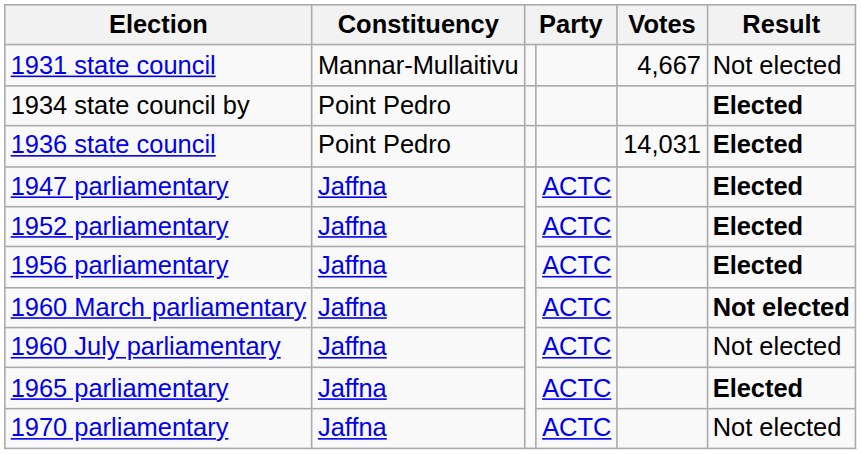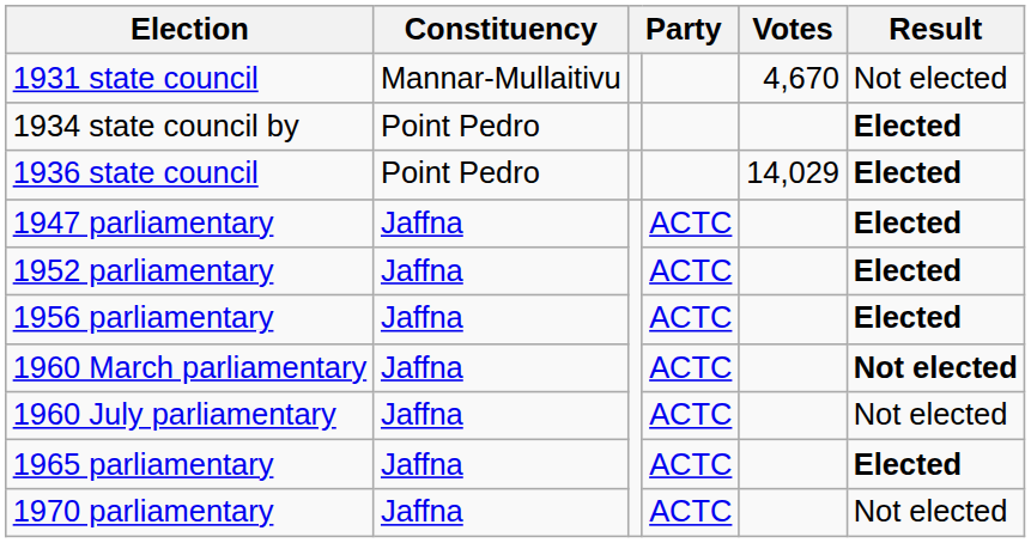 <table class="wikitable" style="text-align:left;">
 <tr>
 <th scope=col>Election</th>
 <th scope=col>Constituency</th>
 <th scope=col colspan="2">Party</th>
 <th scope=col>Votes</th>
 <th scope=col>Result</th>
 </tr>
 <tr>
 <td><a href='#'>1931 state council</a></td>
 <td>Mannar-Mullaitivu</td>
 <td></td>
 <td></td>
-<td align=right>4,667</td>
+<td align=right>4,670</td>
 <td>Not elected</td>
 </tr>
 <tr>
 <td>1934 state council by</td>
 <td>Point Pedro</td>
 <td></td>
 <td></td>
 <td align=right></td>
 <td><strong>Elected</strong></td>
 </tr>
 <tr>
 <td><a href='#'>1936 state council</a></td>
 <td>Point Pedro</td>
 <td></td>
 <td></td>
-<td align=right>14,031</td>
+<td align=right>14,029</td>
 <td><strong>Elected</strong></td>
 </tr>
 <tr>
 <td><a href='#'>1947 parliamentary</a></td>
 <td><a href='#'>Jaffna</a></td>
 <td rowspan="7" style="background:"></td>
 <td><a href='#'>ACTC</a></td>
 <td align=right></td>
 <td><strong>Elected</strong></td>
 </tr>
 <tr>
 <td><a href='#'>1952 parliamentary</a></td>
 <td><a href='#'>Jaffna</a></td>
 <td><a href='#'>ACTC</a></td>
 <td align=right></td>
 <td><strong>Elected</strong></td>
 </tr>
 <tr>
 <td><a href='#'>1956 parliamentary</a></td>
 <td><a href='#'>Jaffna</a></td>
 <td><a href='#'>ACTC</a></td>
 <td align=right></td>
 <td><strong>Elected</strong></td>
 </tr>
 <tr>
 <td><a href='#'>1960 March parliamentary</a></td>
 <td><a href='#'>Jaffna</a></td>
 <td><a href='#'>ACTC</a></td>
 <td align=right></td>
 <td><strong>Not elected</strong></td>
 </tr>
 <tr>
 <td><a href='#'>1960 July parliamentary</a></td>
 <td><a href='#'>Jaffna</a></td>
 <td><a href='#'>ACTC</a></td>
 <td align=right></td>
 <td>Not elected</td>
 </tr>
 <tr>
 <td><a href='#'>1965 parliamentary</a></td>
 <td><a href='#'>Jaffna</a></td>
 <td><a href='#'>ACTC</a></td>
 <td align=right></td>
 <td><strong>Elected</strong></td>
 </tr>
 <tr>
 <td><a href='#'>1970 parliamentary</a></td>
 <td><a href='#'>Jaffna</a></td>
 <td><a href='#'>ACTC</a></td>
 <td align=right></td>
 <td>Not elected</td>
 </tr>
 </table>
